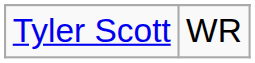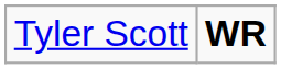 <table class="wikitable">
 <tr>
 </tr>
 <tr>
 <td><a href='#'>Tyler Scott</a></td>
-<td>WR</td>
+<td><strong>WR</strong></td>
 </tr>
 </table>
